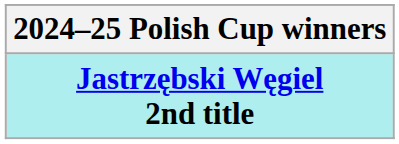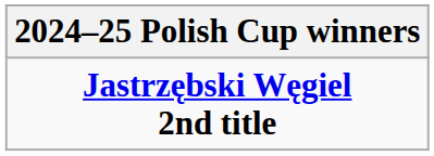 <table class=wikitable style="text-align:center; margin:auto">
 <tr>
 <th>2024–25 Polish Cup winners</th>
 </tr>
 <tr>
-<td style="background: paleturquoise;"><strong><a href='#'>Jastrzębski Węgiel</a></strong><br><strong>2nd title</strong></td>
+<td><strong><a href='#'>Jastrzębski Węgiel</a></strong><br><strong>2nd title</strong></td>
 </tr>
 </table>
